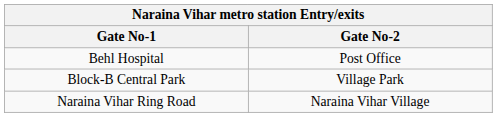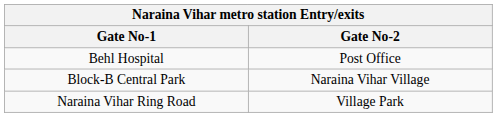 <table class="wikitable" style="text-align: center;" width="65%">
 <tr>
 <th align="center" colspan="5" style="background:#"><span>Naraina Vihar metro station Entry/exits</span></th>
 </tr>
 <tr>
 <th style="width:15%;">Gate No-1</th>
 <th style="width:15%;">Gate No-2 </th>
 </tr>
 <tr>
 <td>Behl Hospital</td>
 <td>Post Office</td>
 </tr>
 <tr>
 <td>Block-B Central Park</td>
-<td>Village Park</td>
+<td>Naraina Vihar Village</td>
 </tr>
 <tr>
 <td>Naraina Vihar Ring Road</td>
-<td>Naraina Vihar Village</td>
+<td>Village Park</td>
 </tr>
 </table>
